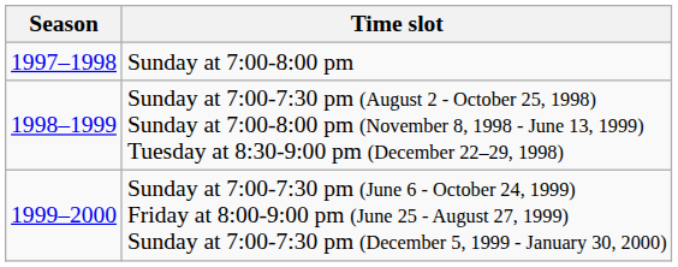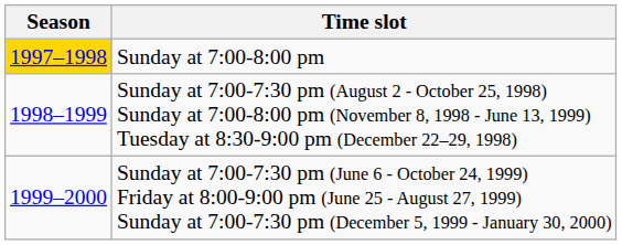 <table class="wikitable">
 <tr>
 <th>Season</th>
 <th>Time slot</th>
 </tr>
 <tr>
-<td><a href='#'>1997–1998</a></td>
+<td style="background: gold;"><a href='#'>1997–1998</a></td>
 <td>Sunday at 7:00-8:00 pm</td>
 </tr>
 <tr>
 <td><a href='#'>1998–1999</a></td>
 <td>Sunday at 7:00-7:30 pm <small>(August 2 - October 25, 1998)</small><br>Sunday at 7:00-8:00 pm <small>(November 8, 1998 - June 13, 1999)</small><br>Tuesday at 8:30-9:00 pm <small>(December 22–29, 1998)</small></td>
 </tr>
 <tr>
 <td><a href='#'>1999–2000</a></td>
 <td>Sunday at 7:00-7:30 pm <small>(June 6 - October 24, 1999)</small><br>Friday at 8:00-9:00 pm <small>(June 25 - August 27, 1999)</small><br>Sunday at 7:00-7:30 pm <small>(December 5, 1999 - January 30, 2000)</small></td>
 </tr>
 </table>
